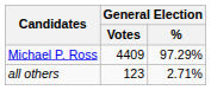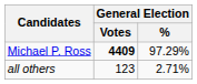 <table class=wikitable>
 <tr>
 <th colspan=1 rowspan=2><strong>Candidates</strong></th>
 <th colspan=2><strong>General Election</strong></th>
 </tr>
 <tr>
 <th>Votes</th>
 <th>%</th>
 </tr>
 <tr>
 <td><a href='#'>Michael P. Ross</a></td>
-<td align="right">4409</td>
+<td align="right"><strong>4409</strong></td>
 <td align="right">97.29%</td>
 </tr>
 <tr>
 <td><em>all others</em></td>
 <td align="right">123</td>
 <td align="right">2.71%</td>
 </tr>
 </table>
